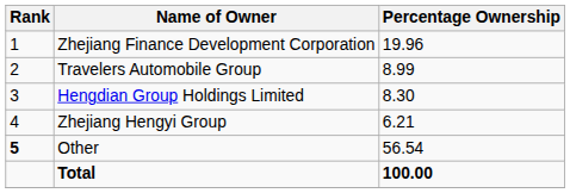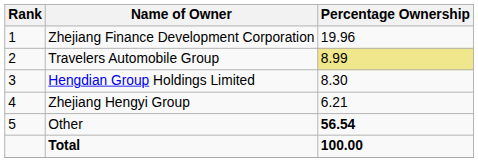 <table class="wikitable sortable" style="margin-left:auto;margin-right:auto">
 <tr>
 <th style="width:2em;">Rank</th>
 <th>Name of Owner</th>
 <th>Percentage Ownership</th>
 </tr>
 <tr>
 <td>1</td>
 <td>Zhejiang Finance Development Corporation</td>
 <td>19.96</td>
 </tr>
 <tr>
 <td>2</td>
 <td>Travelers Automobile Group</td>
-<td>8.99</td>
+<td style="background: khaki;">8.99</td>
 </tr>
 <tr>
 <td>3</td>
 <td><a href='#'>Hengdian Group</a> Holdings Limited</td>
 <td>8.30</td>
 </tr>
 <tr>
 <td>4</td>
 <td>Zhejiang Hengyi Group</td>
 <td>6.21</td>
 </tr>
 <tr>
-<td><strong>5</strong></td>
+<td>5</td>
 <td>Other</td>
-<td>56.54</td>
+<td><strong>56.54</strong></td>
 </tr>
 <tr>
 <td></td>
 <td><strong>Total</strong></td>
 <td><strong>100.00</strong></td>
 </tr>
 <tr>
 </tr>
 </table>
